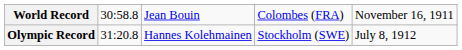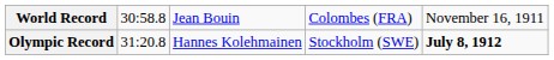 <table class="wikitable" style="font-size:95%;">
 <tr>
 <th>World Record</th>
 <td>30:58.8</td>
 <td> <a href='#'>Jean Bouin</a></td>
 <td><a href='#'>Colombes</a> (<a href='#'>FRA</a>)</td>
 <td>November 16, 1911</td>
 </tr>
 <tr>
 <th>Olympic Record</th>
 <td>31:20.8</td>
 <td> <a href='#'>Hannes Kolehmainen</a></td>
 <td><a href='#'>Stockholm</a> (<a href='#'>SWE</a>)</td>
-<td>July 8, 1912</td>
+<td><strong>July 8, 1912</strong></td>
 </tr>
 </table>
